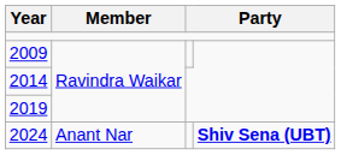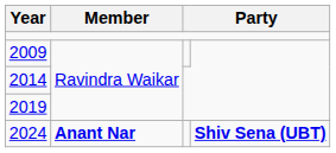 <table class="wikitable">
 <tr>
 <th>Year</th>
 <th>Member</th>
 <th colspan="2">Party</th>
 </tr>
 <tr>
 <td colspan=4></td>
 </tr>
 <tr>
 <td><a href='#'>2009</a></td>
 <td rowspan="3"><a href='#'>Ravindra Waikar</a></td>
 <td></td>
 </tr>
 <tr>
 <td><a href='#'>2014</a></td>
 </tr>
 <tr>
 <td><a href='#'>2019</a></td>
 </tr>
 <tr>
 <td><a href='#'>2024</a></td>
-<td><a href='#'>Anant Nar</a></td>
+<td><strong><a href='#'>Anant Nar</a></strong></td>
 <td style="background-color: "></td>
 <td><strong><a href='#'>Shiv Sena (UBT)</a></strong></td>
 </tr>
 </table>
